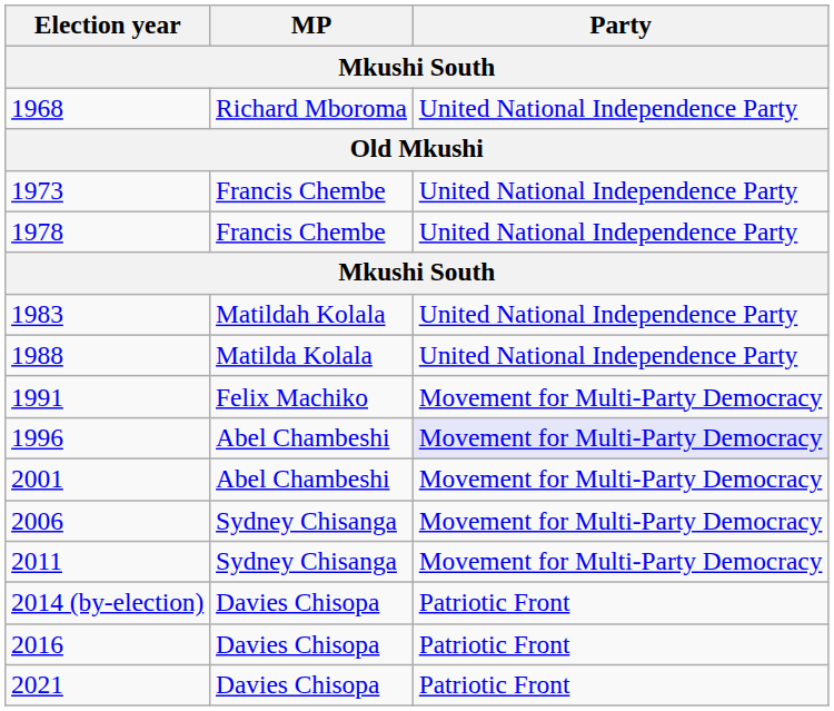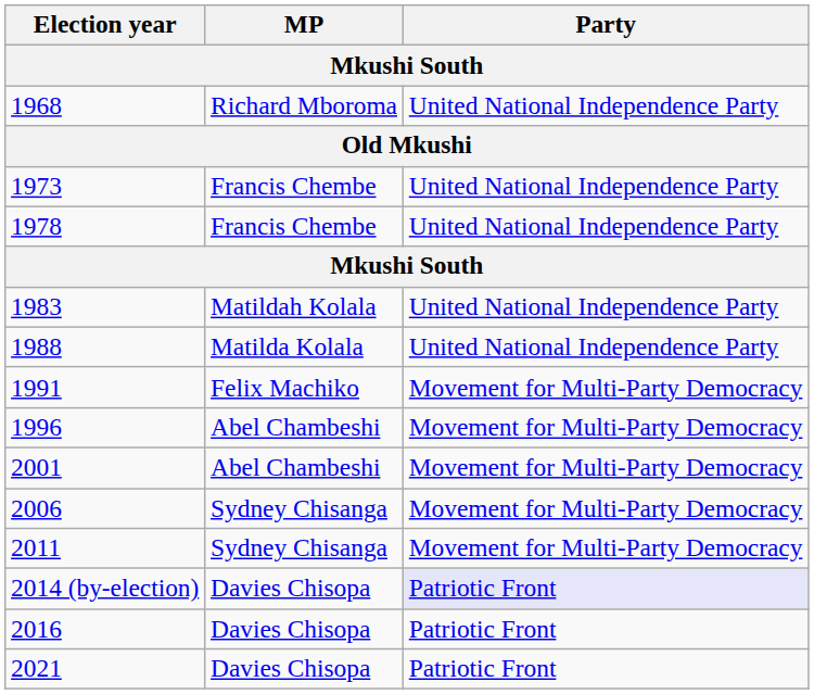 <table class=wikitable>
 <tr>
 <th>Election year</th>
 <th>MP</th>
 <th>Party</th>
 </tr>
 <tr>
 <th colspan=3>Mkushi South</th>
 </tr>
 <tr>
 <td><a href='#'>1968</a></td>
 <td><a href='#'>Richard Mboroma</a></td>
 <td><a href='#'>United National Independence Party</a></td>
 </tr>
 <tr>
 <th colspan=3>Old Mkushi</th>
 </tr>
 <tr>
 <td><a href='#'>1973</a></td>
 <td><a href='#'>Francis Chembe</a></td>
 <td><a href='#'>United National Independence Party</a></td>
 </tr>
 <tr>
 <td><a href='#'>1978</a></td>
 <td><a href='#'>Francis Chembe</a></td>
 <td><a href='#'>United National Independence Party</a></td>
 </tr>
 <tr>
 <th colspan=3>Mkushi South</th>
 </tr>
 <tr>
 <td><a href='#'>1983</a></td>
 <td><a href='#'>Matildah Kolala</a></td>
 <td><a href='#'>United National Independence Party</a></td>
 </tr>
 <tr>
 <td><a href='#'>1988</a></td>
 <td><a href='#'>Matilda Kolala</a></td>
 <td><a href='#'>United National Independence Party</a></td>
 </tr>
 <tr>
 <td><a href='#'>1991</a></td>
 <td><a href='#'>Felix Machiko</a></td>
 <td><a href='#'>Movement for Multi-Party Democracy</a></td>
 </tr>
 <tr>
 <td><a href='#'>1996</a></td>
 <td><a href='#'>Abel Chambeshi</a></td>
-<td style="background: lavender;"><a href='#'>Movement for Multi-Party Democracy</a></td>
+<td><a href='#'>Movement for Multi-Party Democracy</a></td>
 </tr>
 <tr>
 <td><a href='#'>2001</a></td>
 <td><a href='#'>Abel Chambeshi</a></td>
 <td><a href='#'>Movement for Multi-Party Democracy</a></td>
 </tr>
 <tr>
 <td><a href='#'>2006</a></td>
 <td><a href='#'>Sydney Chisanga</a></td>
 <td><a href='#'>Movement for Multi-Party Democracy</a></td>
 </tr>
 <tr>
 <td><a href='#'>2011</a></td>
 <td><a href='#'>Sydney Chisanga</a></td>
 <td><a href='#'>Movement for Multi-Party Democracy</a></td>
 </tr>
 <tr>
 <td><a href='#'>2014 (by-election)</a></td>
 <td><a href='#'>Davies Chisopa</a></td>
-<td><a href='#'>Patriotic Front</a></td>
+<td style="background: lavender;"><a href='#'>Patriotic Front</a></td>
 </tr>
 <tr>
 <td><a href='#'>2016</a></td>
 <td><a href='#'>Davies Chisopa</a></td>
 <td><a href='#'>Patriotic Front</a></td>
 </tr>
 <tr>
 <td><a href='#'>2021</a></td>
 <td><a href='#'>Davies Chisopa</a></td>
 <td><a href='#'>Patriotic Front</a></td>
 </tr>
 </table>
